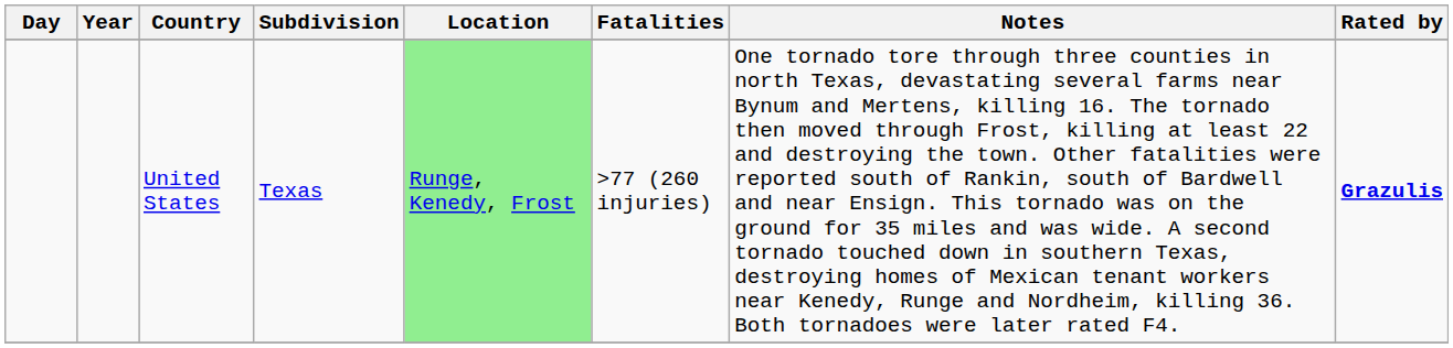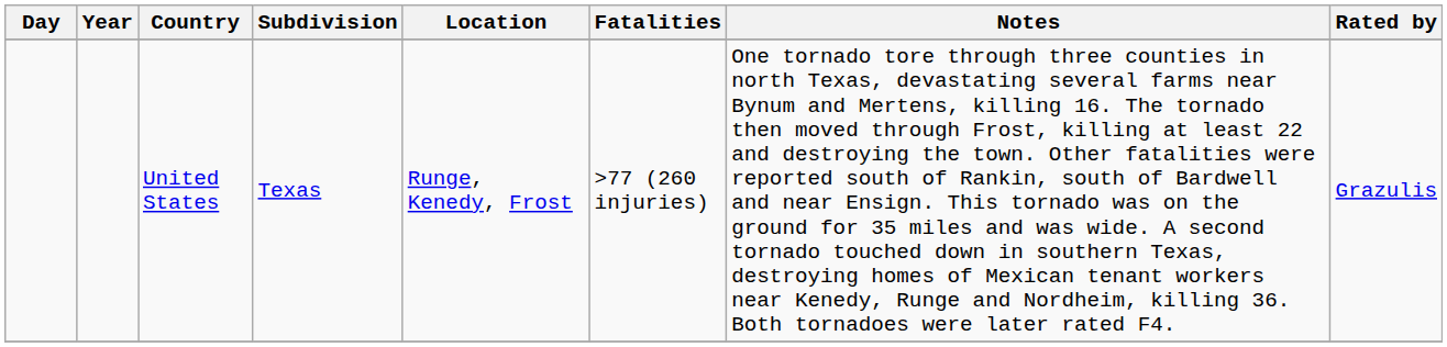 <table class="wikitable sortable" style="width:100%;">
 <tr>
 <th scope="col" style="width:5%;">Day</th>
 <th scope="col" style="width:4%;">Year</th>
 <th scope="col" style="width:8%;">Country</th>
 <th scope="col" style="width:4%;">Subdivision</th>
 <th scope="col" style="width:13%;" class="unsortable">Location</th>
 <th scope="col" style="width:8%;">Fatalities</th>
 <th scope="col" class="unsortable">Notes</th>
 <th scope="col" style="width:4%;">Rated by</th>
 </tr>
 <tr style="background:#BB8899;">
 </tr>
 <tr>
 <td></td>
 <td></td>
 <td><a href='#'>United States</a></td>
 <td><a href='#'>Texas</a></td>
-<td style="background: lightgreen;"><a href='#'>Runge</a>, <a href='#'>Kenedy</a>, <a href='#'>Frost</a></td>
+<td><a href='#'>Runge</a>, <a href='#'>Kenedy</a>, <a href='#'>Frost</a></td>
 <td>>77 (260 injuries)</td>
 <td>One tornado tore through three counties in north Texas, devastating several farms near Bynum and Mertens, killing 16. The tornado then moved through Frost, killing at least 22 and destroying the town. Other fatalities were reported south of Rankin, south of Bardwell and near Ensign. This tornado was on the ground for 35 miles and was  wide. A second tornado touched down in southern Texas, destroying homes of Mexican tenant workers near Kenedy, Runge and Nordheim, killing 36. Both tornadoes were later rated F4.</td>
-<td><strong><a href='#'>Grazulis</a></strong></td>
+<td><a href='#'>Grazulis</a></td>
 </tr>
 <tr>
 </tr>
 </table>
